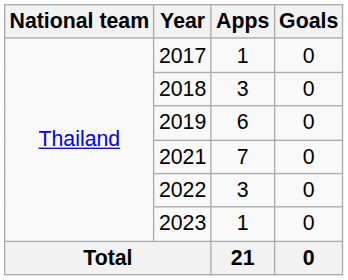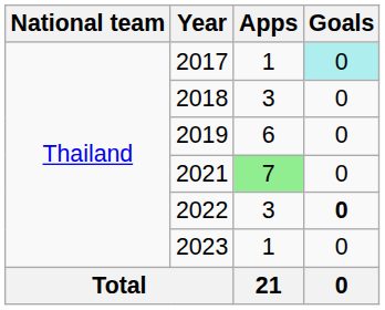 <table class="wikitable" style="text-align:center">
 <tr>
 <th>National team</th>
 <th>Year</th>
 <th>Apps</th>
 <th>Goals</th>
 </tr>
 <tr>
 <td rowspan="6" valign="center"><a href='#'>Thailand</a></td>
 <td>2017</td>
 <td>1</td>
-<td>0</td>
+<td style="background: paleturquoise;">0</td>
 </tr>
 <tr>
 <td>2018</td>
 <td>3</td>
 <td>0</td>
 </tr>
 <tr>
 <td>2019</td>
 <td>6</td>
 <td>0</td>
 </tr>
 <tr>
 <td>2021</td>
-<td>7</td>
+<td style="background: lightgreen;">7</td>
 <td>0</td>
 </tr>
 <tr>
 <td>2022</td>
 <td>3</td>
-<td>0</td>
+<td><strong>0</strong></td>
 </tr>
 <tr>
 <td>2023</td>
 <td>1</td>
 <td>0</td>
 </tr>
 <tr>
 <th colspan="2">Total</th>
 <th>21</th>
 <th>0</th>
 </tr>
 </table>
